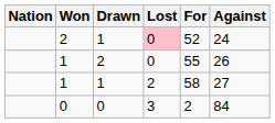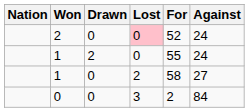 <table class="wikitable">
 <tr>
 <th>Nation</th>
 <th>Won</th>
 <th>Drawn</th>
 <th>Lost</th>
 <th>For</th>
 <th>Against</th>
 </tr>
 <tr>
 <td></td>
 <td>2</td>
-<td>1</td>
+<td>0</td>
 <td style="background: pink;">0</td>
 <td>52</td>
 <td>24</td>
 </tr>
 <tr>
 <td></td>
 <td>1</td>
 <td>2</td>
 <td>0</td>
 <td>55</td>
-<td>26</td>
+<td>24</td>
 </tr>
 <tr>
 <td></td>
 <td>1</td>
-<td>1</td>
+<td>0</td>
 <td>2</td>
 <td>58</td>
 <td>27</td>
 </tr>
 <tr>
 <td></td>
 <td>0</td>
 <td>0</td>
 <td>3</td>
 <td>2</td>
 <td>84</td>
 </tr>
 </table>
